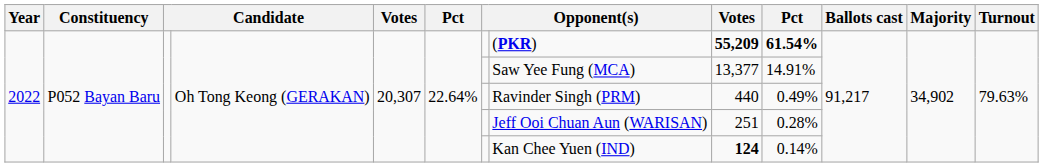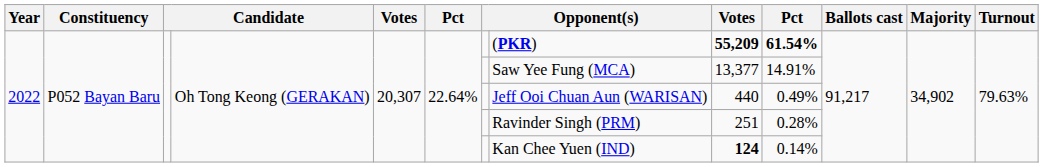 <table class="wikitable" style="margin:0.5em ; font-size:95%">
 <tr>
 <th>Year</th>
 <th>Constituency</th>
 <th colspan=2>Candidate</th>
 <th>Votes</th>
 <th>Pct</th>
 <th colspan=2>Opponent(s)</th>
 <th>Votes</th>
 <th>Pct</th>
 <th>Ballots cast</th>
 <th>Majority</th>
 <th>Turnout</th>
 </tr>
 <tr>
 <td rowspan=5><a href='#'>2022</a></td>
 <td rowspan=5>P052 <a href='#'>Bayan Baru</a></td>
 <td rowspan=5 bgcolor=></td>
 <td rowspan=5>Oh Tong Keong (<a href='#'>GERAKAN</a>)</td>
 <td rowspan=5 align="right">20,307</td>
 <td rowspan=5>22.64%</td>
 <td></td>
 <td> (<a href='#'><strong>PKR</strong></a>)</td>
 <td align="right"><strong>55,209</strong></td>
 <td><strong>61.54%</strong></td>
 <td rowspan=5>91,217</td>
 <td rowspan=5>34,902</td>
 <td rowspan=5>79.63%</td>
 </tr>
 <tr>
 <td></td>
 <td>Saw Yee Fung (<a href='#'>MCA</a>)</td>
 <td align="right">13,377</td>
 <td>14.91%</td>
 </tr>
 <tr>
 <td></td>
-<td>Ravinder Singh (<a href='#'>PRM</a>)</td>
+<td><a href='#'>Jeff Ooi Chuan Aun</a> (<a href='#'>WARISAN</a>)</td>
 <td align="right">440</td>
 <td align="right">0.49%</td>
 </tr>
 <tr>
 <td bgcolor=></td>
-<td><a href='#'>Jeff Ooi Chuan Aun</a> (<a href='#'>WARISAN</a>)</td>
+<td>Ravinder Singh (<a href='#'>PRM</a>)</td>
 <td align="right">251</td>
 <td align="right">0.28%</td>
 </tr>
 <tr>
 <td></td>
 <td>Kan Chee Yuen (<a href='#'>IND</a>)</td>
 <td align="right"><strong>124</strong></td>
 <td align="right">0.14%</td>
 </tr>
 </table>
